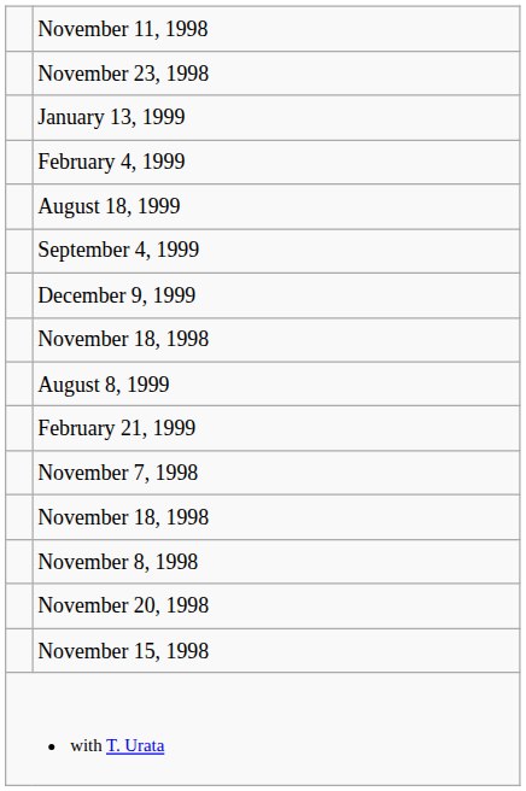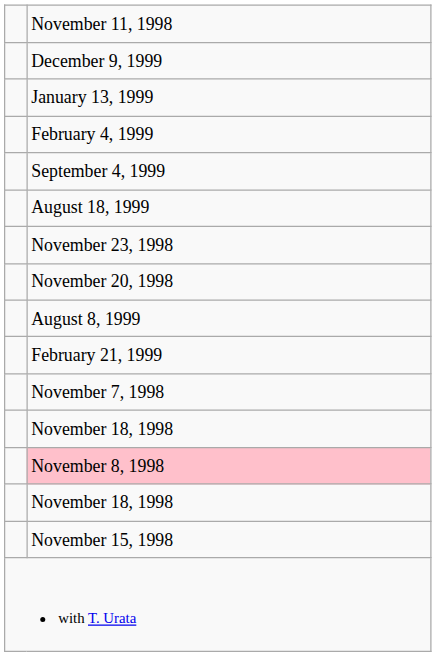 <table class="wikitable" style="font-size: 89%; float: left; width: 24em; margin-right: 1em; line-height: 1.6em !important;">
 <tr>
 <td></td>
 <td>November 11, 1998</td>
 </tr>
 <tr>
 <td></td>
-<td>November 23, 1998</td>
+<td>December 9, 1999</td>
 </tr>
 <tr>
 <td></td>
 <td>January 13, 1999</td>
 </tr>
 <tr>
 <td></td>
 <td>February 4, 1999</td>
 </tr>
 <tr>
 <td></td>
+<td>September 4, 1999</td>
+</tr>
+<tr>
+<td></td>
 <td>August 18, 1999</td>
 </tr>
 <tr>
 <td></td>
-<td>September 4, 1999</td>
+<td>November 23, 1998</td>
 </tr>
 <tr>
 <td></td>
-<td>December 9, 1999</td>
-</tr>
-<tr>
-<td></td>
-<td>November 18, 1998</td>
+<td>November 20, 1998</td>
 </tr>
 <tr>
 <td></td>
 <td>August 8, 1999</td>
 </tr>
 <tr>
 <td></td>
 <td>February 21, 1999</td>
 </tr>
 <tr>
 <td></td>
 <td>November 7, 1998</td>
 </tr>
 <tr>
 <td></td>
 <td>November 18, 1998</td>
 </tr>
 <tr>
 <td></td>
-<td>November 8, 1998</td>
+<td style="background: pink;">November 8, 1998</td>
 </tr>
 <tr>
 <td></td>
-<td>November 20, 1998</td>
+<td>November 18, 1998</td>
 </tr>
 <tr>
 <td></td>
 <td>November 15, 1998</td>
 </tr>
 <tr>
 <td colspan=2 style="font-size: smaller;"><br><ul><li> with <a href='#'>T. Urata</a></li></ul></td>
 </tr>
 </table>
